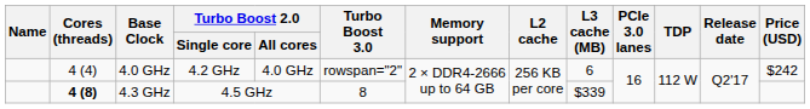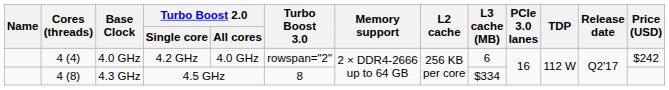 <table class="wikitable sortable" style="text-align: center;">
 <tr>
 <th rowspan="2">Name</th>
 <th rowspan="2">Cores<br>(threads)</th>
 <th rowspan="2">Base<br>Clock</th>
 <th colspan="2"><a href='#'>Turbo Boost</a> 2.0</th>
 <th rowspan="2">Turbo<br>Boost<br>3.0</th>
 <th rowspan="2">Memory<br>support</th>
 <th rowspan="2">L2<br>cache</th>
 <th rowspan="2">L3<br>cache<br>(MB)</th>
 <th rowspan="2">PCIe<br>3.0<br>lanes</th>
 <th rowspan="2">TDP</th>
 <th rowspan="2">Release<br>date</th>
 <th rowspan="2">Price<br>(USD)</th>
 </tr>
 <tr>
 <th>Single core</th>
 <th>All cores</th>
 </tr>
 <tr>
 <td></td>
 <td>4 (4)</td>
 <td>4.0 GHz</td>
 <td>4.2 GHz</td>
 <td>4.0 GHz</td>
 <td>rowspan="2" </td>
 <td rowspan="2">2 × DDR4-2666<br>up to 64 GB</td>
 <td rowspan="2">256 KB<br>per core</td>
 <td>6</td>
 <td rowspan="2">16</td>
 <td rowspan="2">112 W</td>
 <td rowspan="2" align="center">Q2'17</td>
 <td>$242</td>
 </tr>
 <tr>
 <td></td>
-<td><strong>4 (8)</strong></td>
+<td>4 (8)</td>
 <td>4.3 GHz</td>
 <td colspan="2">4.5 GHz</td>
 <td>8</td>
-<td>$339</td>
+<td>$334</td>
 </tr>
 </table>
